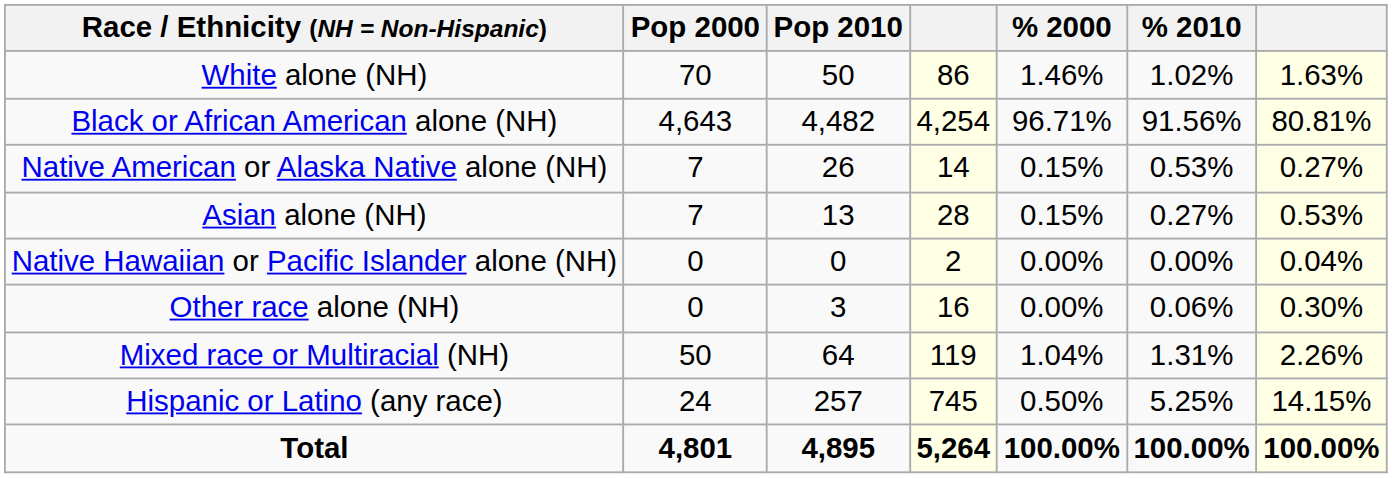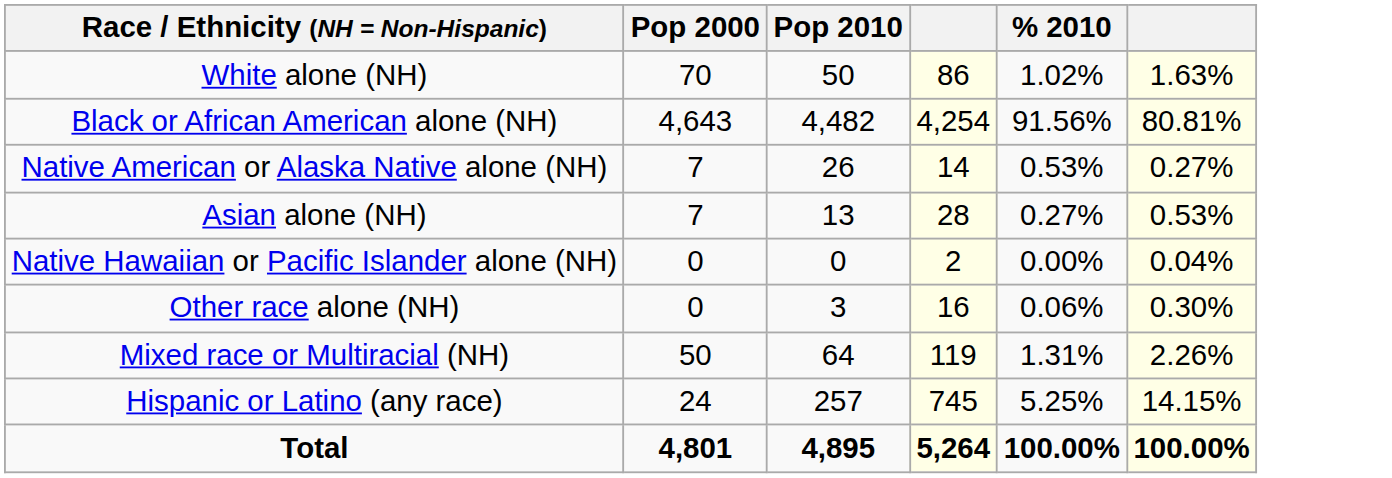 <table class="wikitable" style="text-align:center;">
 <tr>
 <th>Race / Ethnicity <small>(<em>NH = Non-Hispanic</em>)</small></th>
 <th>Pop 2000</th>
 <th>Pop 2010</th>
 <th></th>
-<th>% 2000</th>
 <th>% 2010</th>
 <th></th>
 </tr>
 <tr>
 <td><a href='#'>White</a> alone (NH)</td>
 <td>70</td>
 <td>50</td>
 <td style='background: #ffffe6;'>86</td>
-<td>1.46%</td>
 <td>1.02%</td>
 <td style='background: #ffffe6;'>1.63%</td>
 </tr>
 <tr>
 <td><a href='#'>Black or African American</a> alone (NH)</td>
 <td>4,643</td>
 <td>4,482</td>
 <td style='background: #ffffe6;'>4,254</td>
-<td>96.71%</td>
 <td>91.56%</td>
 <td style='background: #ffffe6;'>80.81%</td>
 </tr>
 <tr>
 <td><a href='#'>Native American</a> or <a href='#'>Alaska Native</a> alone (NH)</td>
 <td>7</td>
 <td>26</td>
 <td style='background: #ffffe6;'>14</td>
-<td>0.15%</td>
 <td>0.53%</td>
 <td style='background: #ffffe6;'>0.27%</td>
 </tr>
 <tr>
 <td><a href='#'>Asian</a> alone (NH)</td>
 <td>7</td>
 <td>13</td>
 <td style='background: #ffffe6;'>28</td>
-<td>0.15%</td>
 <td>0.27%</td>
 <td style='background: #ffffe6;'>0.53%</td>
 </tr>
 <tr>
 <td><a href='#'>Native Hawaiian</a> or <a href='#'>Pacific Islander</a> alone (NH)</td>
 <td>0</td>
 <td>0</td>
 <td style='background: #ffffe6;'>2</td>
 <td>0.00%</td>
-<td>0.00%</td>
 <td style='background: #ffffe6;'>0.04%</td>
 </tr>
 <tr>
 <td><a href='#'>Other race</a> alone (NH)</td>
 <td>0</td>
 <td>3</td>
 <td style='background: #ffffe6;'>16</td>
-<td>0.00%</td>
 <td>0.06%</td>
 <td style='background: #ffffe6;'>0.30%</td>
 </tr>
 <tr>
 <td><a href='#'>Mixed race or Multiracial</a> (NH)</td>
 <td>50</td>
 <td>64</td>
 <td style='background: #ffffe6;'>119</td>
-<td>1.04%</td>
 <td>1.31%</td>
 <td style='background: #ffffe6;'>2.26%</td>
 </tr>
 <tr>
 <td><a href='#'>Hispanic or Latino</a> (any race)</td>
 <td>24</td>
 <td>257</td>
 <td style='background: #ffffe6;'>745</td>
-<td>0.50%</td>
 <td>5.25%</td>
 <td style='background: #ffffe6;'>14.15%</td>
 </tr>
 <tr>
 <td><strong>Total</strong></td>
 <td><strong>4,801</strong></td>
 <td><strong>4,895</strong></td>
 <td style='background: #ffffe6;'><strong>5,264</strong></td>
 <td><strong>100.00%</strong></td>
-<td><strong>100.00%</strong></td>
 <td style='background: #ffffe6;'><strong>100.00%</strong></td>
 </tr>
 </table>
